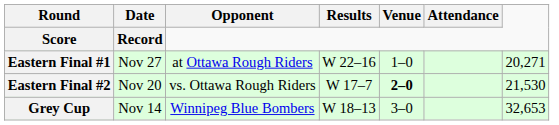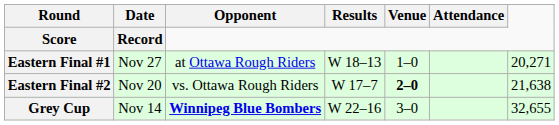 <table class="wikitable" style="text-align:center">
 <tr>
 <th>Round</th>
 <th>Date</th>
 <th>Opponent</th>
 <th>Results</th>
 <th>Venue</th>
 <th>Attendance</th>
 </tr>
 <tr>
 <th>Score</th>
 <th>Record</th>
 </tr>
 <tr style="background:#ddffdd">
 <th>Eastern Final #1</th>
 <td>Nov 27</td>
 <td>at <a href='#'>Ottawa Rough Riders</a></td>
-<td>W 22–16</td>
+<td>W 18–13</td>
 <td>1–0</td>
 <td></td>
 <td>20,271</td>
 </tr>
 <tr style="background:#ddffdd">
 <th>Eastern Final #2</th>
 <td>Nov 20</td>
 <td>vs. Ottawa Rough Riders</td>
 <td>W 17–7</td>
 <td><strong>2–0</strong></td>
 <td></td>
-<td>21,530</td>
+<td>21,638</td>
 </tr>
 <tr style="background:#ddffdd">
 <th>Grey Cup</th>
 <td>Nov 14</td>
-<td><a href='#'>Winnipeg Blue Bombers</a></td>
-<td>W 18–13</td>
+<td><strong><a href='#'>Winnipeg Blue Bombers</a></strong></td>
+<td>W 22–16</td>
 <td>3–0</td>
 <td></td>
-<td>32,653</td>
+<td>32,655</td>
 </tr>
 </table>
